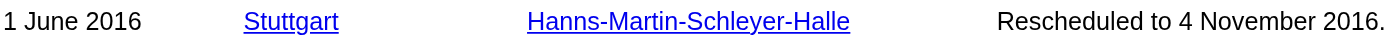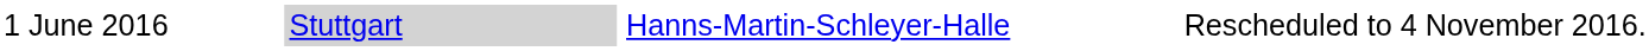 <table cellpadding="2" style="border: 0px solid darkgray; font-size:90%">
 <tr>
 <th width="150"></th>
 <th width="175"></th>
 <th width="300"></th>
 <th width="350"></th>
 </tr>
 <tr border="0">
 <td>1 June 2016</td>
-<td><a href='#'>Stuttgart</a></td>
+<td style="background: lightgrey;"><a href='#'>Stuttgart</a></td>
 <td><a href='#'>Hanns-Martin-Schleyer-Halle</a></td>
 <td>Rescheduled to 4 November 2016.</td>
 </tr>
 <tr>
 </tr>
 </table>
